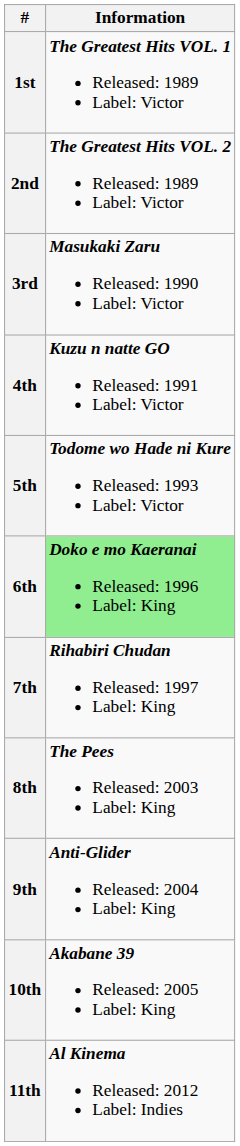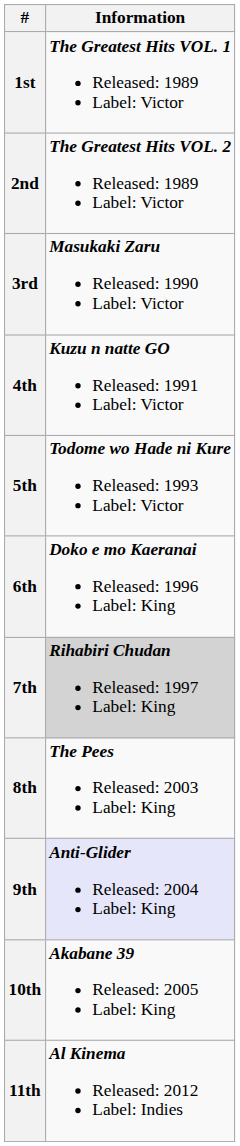 <table class="wikitable">
 <tr>
 <th align="left">#</th>
 <th align="left">Information</th>
 </tr>
 <tr>
 <th align="left">1st</th>
 <td align="left"><strong><em>The Greatest Hits VOL. 1</em></strong><br><ul><li>Released: 1989</li><li>Label: Victor</li></ul></td>
 </tr>
 <tr>
 <th align="left">2nd</th>
 <td align="left"><strong><em>The Greatest Hits VOL. 2</em></strong><br><ul><li>Released: 1989</li><li>Label: Victor</li></ul></td>
 </tr>
 <tr>
 <th align="left">3rd</th>
 <td align="left"><strong><em>Masukaki Zaru</em></strong><br><ul><li>Released: 1990</li><li>Label: Victor</li></ul></td>
 </tr>
 <tr>
 <th align="left">4th</th>
 <td align="left"><strong><em>Kuzu n natte GO</em></strong><br><ul><li>Released: 1991</li><li>Label: Victor</li></ul></td>
 </tr>
 <tr>
 <th align="left">5th</th>
 <td align="left"><strong><em>Todome wo Hade ni Kure</em></strong><br><ul><li>Released: 1993</li><li>Label: Victor</li></ul></td>
 </tr>
 <tr>
 <th align="left">6th</th>
-<td align="left" style="background: lightgreen;"><strong><em>Doko e mo Kaeranai</em></strong><br><ul><li>Released: 1996</li><li>Label: King</li></ul></td>
+<td align="left"><strong><em>Doko e mo Kaeranai</em></strong><br><ul><li>Released: 1996</li><li>Label: King</li></ul></td>
 </tr>
 <tr>
 <th align="left">7th</th>
-<td align="left"><strong><em>Rihabiri Chudan</em></strong><br><ul><li>Released: 1997</li><li>Label: King</li></ul></td>
+<td align="left" style="background: lightgrey;"><strong><em>Rihabiri Chudan</em></strong><br><ul><li>Released: 1997</li><li>Label: King</li></ul></td>
 </tr>
 <tr>
 <th align="left">8th</th>
 <td align="left"><strong><em>The Pees</em></strong><br><ul><li>Released: 2003</li><li>Label: King</li></ul></td>
 </tr>
 <tr>
 <th align="left">9th</th>
-<td align="left"><strong><em>Anti-Glider</em></strong><br><ul><li>Released: 2004</li><li>Label: King</li></ul></td>
+<td align="left" style="background: lavender;"><strong><em>Anti-Glider</em></strong><br><ul><li>Released: 2004</li><li>Label: King</li></ul></td>
 </tr>
 <tr>
 <th align="left">10th</th>
 <td align="left"><strong><em>Akabane 39</em></strong><br><ul><li>Released: 2005</li><li>Label: King</li></ul></td>
 </tr>
 <tr>
 <th align="left">11th</th>
 <td align="left"><strong><em>Al Kinema</em></strong><br><ul><li>Released: 2012</li><li>Label: Indies</li></ul></td>
 </tr>
 <tr>
 </tr>
 </table>
